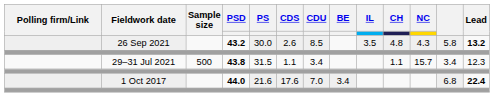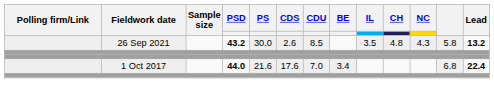 <table class="wikitable sortable mw-datatable" style="text-align:center;font-size:90%;line-height:16px;">
 <tr style="height:42px;">
 <th style="width:145px;" rowspan="2">Polling firm/Link</th>
 <th style="width:125px;" rowspan="2">Fieldwork date</th>
 <th class="unsortable" style="width:50px;" rowspan="2">Sample size</th>
 <th class="unsortable" style="width:35px;"><a href='#'>PSD</a></th>
 <th class="unsortable" style="width:35px;"><a href='#'>PS</a></th>
 <th class="unsortable" style="width:35px;"><a href='#'>CDS</a></th>
 <th class="unsortable" style="width:35px;"><a href='#'>CDU</a></th>
 <th class="unsortable" style="width:35px;"><a href='#'>BE</a></th>
 <th class="unsortable" style="width:35px;"><a href='#'>IL</a></th>
 <th class="unsortable" style="width:35px;"><a href='#'>CH</a></th>
 <th class="unsortable" style="width:35px;"><a href='#'>NC</a></th>
 <th class="unsortable" style="width:35px;" rowspan="2"></th>
 <th class="unsortable" style="width:30px;" rowspan="2">Lead</th>
 </tr>
 <tr>
 <th class="unsortable" style="color:inherit;background:"></th>
 <th class="unsortable" style="color:inherit;background:"></th>
 <th class="unsortable" style="color:inherit;background:"></th>
 <th class="unsortable" style="color:inherit;background:"></th>
 <th class="unsortable" style="color:inherit;background:"></th>
 <th class="sortable" style="background:#00ADEF;"></th>
 <th class="sortable" style="background:#202056;"></th>
 <th class="unsortable" style="color:inherit;background:gold;"></th>
 </tr>
 <tr>
 <td style="background:#EFEFEF;"><strong></strong></td>
 <td style="background:#EFEFEF;" data-sort-value="2019-10-06">26 Sep 2021</td>
 <td></td>
 <td><strong>43.2</strong><br></td>
 <td style="background:#EFEFEF;">30.0<br></td>
 <td style="background:#EFEFEF;">2.6<br></td>
 <td style="background:#EFEFEF;">8.5<br></td>
 <td></td>
 <td style="background:#EFEFEF;">3.5<br></td>
 <td style="background:#EFEFEF;">4.8<br></td>
 <td style="background:#EFEFEF;">4.3<br></td>
 <td style="background:#EFEFEF;">5.8<br></td>
 <td style="background:"><strong>13.2</strong></td>
 </tr>
 <tr>
 <td colspan="13" style="background:#A0A0A0"></td>
 </tr>
 <tr>
-<td align="center"></td>
-<td align="center">29–31 Jul 2021</td>
-<td align="center">500</td>
-<td align="center" ><strong>43.8</strong></td>
-<td align="center">31.5</td>
-<td align="center">1.1</td>
-<td align="center">3.4</td>
-<td></td>
-<td></td>
-<td align="center">1.1</td>
-<td align="center">15.7</td>
-<td align="center">3.4</td>
-<td style="background:">12.3</td>
-</tr>
-<tr>
 <td colspan="13" style="background:#A0A0A0"></td>
 </tr>
 <tr>
 <td style="background:#EFEFEF;"><strong></strong></td>
 <td style="background:#EFEFEF;" data-sort-value="2019-10-06">1 Oct 2017</td>
 <td></td>
 <td><strong>44.0</strong><br></td>
 <td style="background:#EFEFEF;">21.6<br></td>
 <td style="background:#EFEFEF;">17.6<br></td>
 <td style="background:#EFEFEF;">7.0<br></td>
 <td style="background:#EFEFEF;">3.4<br></td>
 <td></td>
 <td></td>
 <td></td>
 <td style="background:#EFEFEF;">6.8<br></td>
 <td style="background:"><strong>22.4</strong></td>
 </tr>
 <tr>
 <td colspan="13" style="background:#A0A0A0"></td>
 </tr>
 </table>
